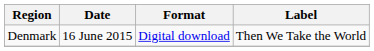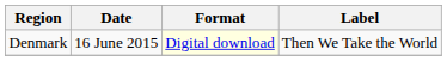 <table class=wikitable>
 <tr>
 <th>Region</th>
 <th>Date</th>
 <th>Format</th>
 <th>Label</th>
 </tr>
 <tr>
 <td>Denmark</td>
 <td>16 June 2015</td>
-<td><a href='#'>Digital download</a></td>
+<td style="background: lightyellow;"><a href='#'>Digital download</a></td>
 <td>Then We Take the World</td>
 </tr>
 <tr>
 </tr>
 </table>
